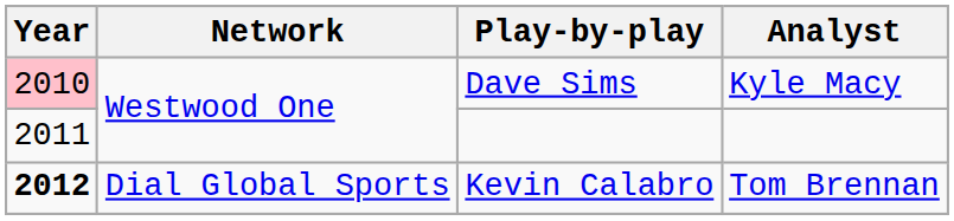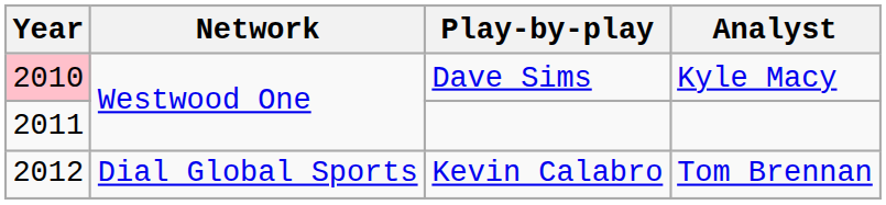 <table class="wikitable">
 <tr>
 <th>Year</th>
 <th>Network</th>
 <th>Play-by-play</th>
 <th>Analyst</th>
 </tr>
 <tr>
 <td style="background: pink;">2010</td>
 <td rowspan=2><a href='#'>Westwood One</a></td>
 <td><a href='#'>Dave Sims</a></td>
 <td><a href='#'>Kyle Macy</a></td>
 </tr>
 <tr>
 <td>2011</td>
 <td></td>
 <td></td>
 </tr>
 <tr>
-<td><strong>2012 </strong></td>
+<td>2012 </td>
 <td><a href='#'>Dial Global Sports</a></td>
 <td><a href='#'>Kevin Calabro</a></td>
 <td><a href='#'>Tom Brennan</a></td>
 </tr>
 <tr>
 </tr>
 </table>
